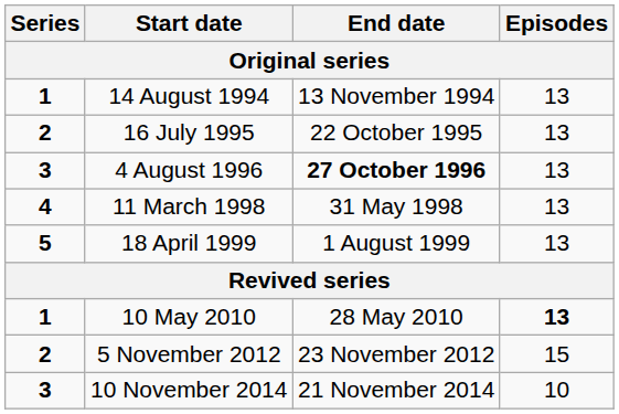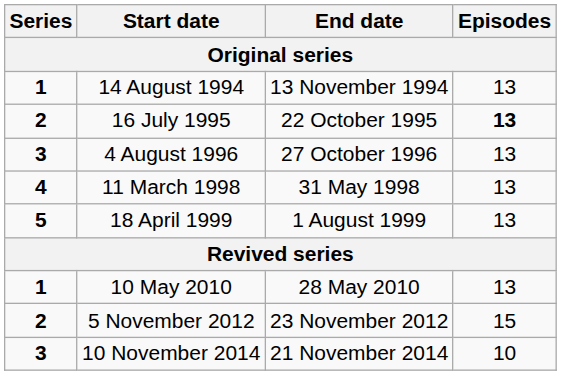 <table class="wikitable" style="text-align:center;">
 <tr>
 <th>Series</th>
 <th>Start date</th>
 <th>End date</th>
 <th>Episodes</th>
 </tr>
 <tr>
 <th colspan="4">Original series</th>
 </tr>
 <tr>
 <td><strong>1</strong></td>
 <td>14 August 1994</td>
 <td>13 November 1994</td>
 <td>13</td>
 </tr>
 <tr>
 <td><strong>2</strong></td>
 <td>16 July 1995</td>
 <td>22 October 1995</td>
-<td>13</td>
+<td><strong>13</strong></td>
 </tr>
 <tr>
 <td><strong>3</strong></td>
 <td>4 August 1996</td>
-<td><strong>27 October 1996</strong></td>
+<td>27 October 1996</td>
 <td>13</td>
 </tr>
 <tr>
 <td><strong>4</strong></td>
 <td>11 March 1998</td>
 <td>31 May 1998</td>
 <td>13</td>
 </tr>
 <tr>
 <td><strong>5</strong></td>
 <td>18 April 1999</td>
 <td>1 August 1999</td>
 <td>13</td>
 </tr>
 <tr>
 <th colspan="4">Revived series</th>
 </tr>
 <tr>
 <td><strong>1</strong></td>
 <td>10 May 2010</td>
 <td>28 May 2010</td>
-<td><strong>13</strong></td>
+<td>13</td>
 </tr>
 <tr>
 <td><strong>2</strong></td>
 <td>5 November 2012</td>
 <td>23 November 2012</td>
 <td>15</td>
 </tr>
 <tr>
 <td><strong>3</strong></td>
 <td>10 November 2014</td>
 <td>21 November 2014</td>
 <td>10</td>
 </tr>
 </table>
